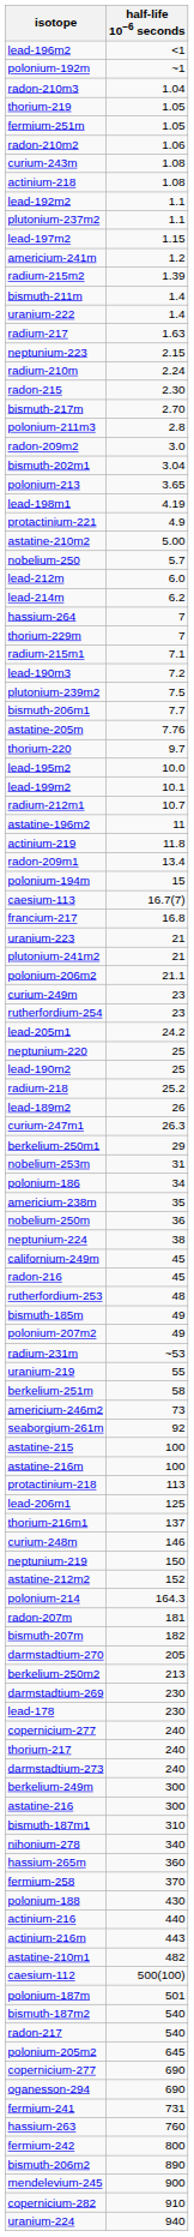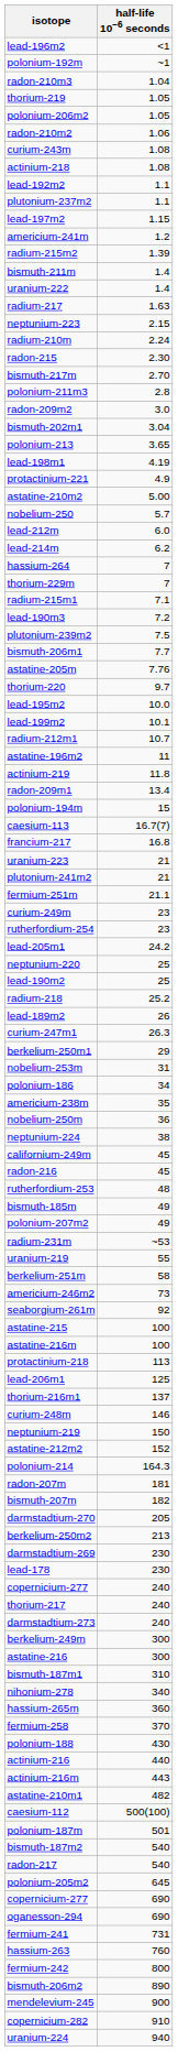 <table class="wikitable sortable">
 <tr>
 <th>isotope</th>
 <th class=unsortable>half-life<br>10<sup>−6</sup> seconds</th>
 </tr>
 <tr>
 <td><a href='#'>lead-196m2</a></td>
 <td align=right><1</td>
 </tr>
 <tr>
 <td><a href='#'>polonium-192m</a></td>
 <td align=right>~1</td>
 </tr>
 <tr>
 <td><a href='#'>radon-210m3</a></td>
 <td align=right>1.04</td>
 </tr>
 <tr>
 <td><a href='#'>thorium-219</a></td>
 <td align=right>1.05</td>
 </tr>
 <tr>
-<td><a href='#'>fermium-251m</a></td>
+<td><a href='#'>polonium-206m2</a></td>
 <td align=right>1.05</td>
 </tr>
 <tr>
 <td><a href='#'>radon-210m2</a></td>
 <td align=right>1.06</td>
 </tr>
 <tr>
 <td><a href='#'>curium-243m</a></td>
 <td align=right>1.08</td>
 </tr>
 <tr>
 <td><a href='#'>actinium-218</a></td>
 <td align=right>1.08</td>
 </tr>
 <tr>
 <td><a href='#'>lead-192m2</a></td>
 <td align=right>1.1</td>
 </tr>
 <tr>
 <td><a href='#'>plutonium-237m2</a></td>
 <td align=right>1.1</td>
 </tr>
 <tr>
 <td><a href='#'>lead-197m2</a></td>
 <td align=right>1.15</td>
 </tr>
 <tr>
 <td><a href='#'>americium-241m</a></td>
 <td align=right>1.2</td>
 </tr>
 <tr>
 <td><a href='#'>radium-215m2</a></td>
 <td align=right>1.39</td>
 </tr>
 <tr>
 <td><a href='#'>bismuth-211m</a></td>
 <td align=right>1.4</td>
 </tr>
 <tr>
 <td><a href='#'>uranium-222</a></td>
 <td align=right>1.4</td>
 </tr>
 <tr>
 <td><a href='#'>radium-217</a></td>
 <td align=right>1.63</td>
 </tr>
 <tr>
 <td><a href='#'>neptunium-223</a></td>
 <td align=right>2.15</td>
 </tr>
 <tr>
 <td><a href='#'>radium-210m</a></td>
 <td align=right>2.24</td>
 </tr>
 <tr>
 <td><a href='#'>radon-215</a></td>
 <td align=right>2.30</td>
 </tr>
 <tr>
 <td><a href='#'>bismuth-217m</a></td>
 <td align=right>2.70</td>
 </tr>
 <tr>
 <td><a href='#'>polonium-211m3</a></td>
 <td align=right>2.8</td>
 </tr>
 <tr>
 <td><a href='#'>radon-209m2</a></td>
 <td align=right>3.0</td>
 </tr>
 <tr>
 <td><a href='#'>bismuth-202m1</a></td>
 <td align=right>3.04</td>
 </tr>
 <tr>
 <td><a href='#'>polonium-213</a></td>
 <td align=right>3.65</td>
 </tr>
 <tr>
 <td><a href='#'>lead-198m1</a></td>
 <td align=right>4.19</td>
 </tr>
 <tr>
 <td><a href='#'>protactinium-221</a></td>
 <td align=right>4.9</td>
 </tr>
 <tr>
 <td><a href='#'>astatine-210m2</a></td>
 <td align=right>5.00</td>
 </tr>
 <tr>
 <td><a href='#'>nobelium-250</a></td>
 <td align=right>5.7</td>
 </tr>
 <tr>
 <td><a href='#'>lead-212m</a></td>
 <td align=right>6.0</td>
 </tr>
 <tr>
 <td><a href='#'>lead-214m</a></td>
 <td align=right>6.2</td>
 </tr>
 <tr>
 <td><a href='#'>hassium-264</a></td>
 <td align=right>7</td>
 </tr>
 <tr>
 <td><a href='#'>thorium-229m</a></td>
 <td align=right>7</td>
 </tr>
 <tr>
 <td><a href='#'>radium-215m1</a></td>
 <td align=right>7.1</td>
 </tr>
 <tr>
 <td><a href='#'>lead-190m3</a></td>
 <td align=right>7.2</td>
 </tr>
 <tr>
 <td><a href='#'>plutonium-239m2</a></td>
 <td align=right>7.5</td>
 </tr>
 <tr>
 <td><a href='#'>bismuth-206m1</a></td>
 <td align=right>7.7</td>
 </tr>
 <tr>
 <td><a href='#'>astatine-205m</a></td>
 <td align=right>7.76</td>
 </tr>
 <tr>
 <td><a href='#'>thorium-220</a></td>
 <td align=right>9.7</td>
 </tr>
 <tr>
 <td><a href='#'>lead-195m2</a></td>
 <td align=right>10.0</td>
 </tr>
 <tr>
 <td><a href='#'>lead-199m2</a></td>
 <td align=right>10.1</td>
 </tr>
 <tr>
 <td><a href='#'>radium-212m1</a></td>
 <td align=right>10.7</td>
 </tr>
 <tr>
 <td><a href='#'>astatine-196m2</a></td>
 <td align=right>11</td>
 </tr>
 <tr>
 <td><a href='#'>actinium-219</a></td>
 <td align=right>11.8</td>
 </tr>
 <tr>
 <td><a href='#'>radon-209m1</a></td>
 <td align=right>13.4</td>
 </tr>
 <tr>
 <td><a href='#'>polonium-194m</a></td>
 <td align=right>15</td>
 </tr>
 <tr>
 <td><a href='#'>caesium-113</a></td>
 <td align=right>16.7(7)</td>
 </tr>
 <tr>
 <td><a href='#'>francium-217</a></td>
 <td align=right>16.8</td>
 </tr>
 <tr>
 <td><a href='#'>uranium-223</a></td>
 <td align=right>21</td>
 </tr>
 <tr>
 <td><a href='#'>plutonium-241m2</a></td>
 <td align=right>21</td>
 </tr>
 <tr>
-<td><a href='#'>polonium-206m2</a></td>
+<td><a href='#'>fermium-251m</a></td>
 <td align=right>21.1</td>
 </tr>
 <tr>
 <td><a href='#'>curium-249m</a></td>
 <td align=right>23</td>
 </tr>
 <tr>
 <td><a href='#'>rutherfordium-254</a></td>
 <td align=right>23</td>
 </tr>
 <tr>
 <td><a href='#'>lead-205m1</a></td>
 <td align=right>24.2</td>
 </tr>
 <tr>
 <td><a href='#'>neptunium-220</a></td>
 <td align=right>25</td>
 </tr>
 <tr>
 <td><a href='#'>lead-190m2</a></td>
 <td align=right>25</td>
 </tr>
 <tr>
 <td><a href='#'>radium-218</a></td>
 <td align=right>25.2</td>
 </tr>
 <tr>
 <td><a href='#'>lead-189m2</a></td>
 <td align=right>26</td>
 </tr>
 <tr>
 <td><a href='#'>curium-247m1</a></td>
 <td align=right>26.3</td>
 </tr>
 <tr>
 <td><a href='#'>berkelium-250m1</a></td>
 <td align=right>29</td>
 </tr>
 <tr>
 <td><a href='#'>nobelium-253m</a></td>
 <td align=right>31</td>
 </tr>
 <tr>
 <td><a href='#'>polonium-186</a></td>
 <td align=right>34</td>
 </tr>
 <tr>
 <td><a href='#'>americium-238m</a></td>
 <td align=right>35</td>
 </tr>
 <tr>
 <td><a href='#'>nobelium-250m</a></td>
 <td align=right>36</td>
 </tr>
 <tr>
 <td><a href='#'>neptunium-224</a></td>
 <td align=right>38</td>
 </tr>
 <tr>
 <td><a href='#'>californium-249m</a></td>
 <td align=right>45</td>
 </tr>
 <tr>
 <td><a href='#'>radon-216</a></td>
 <td align=right>45</td>
 </tr>
 <tr>
 <td><a href='#'>rutherfordium-253</a></td>
 <td align=right>48</td>
 </tr>
 <tr>
 <td><a href='#'>bismuth-185m</a></td>
 <td align=right>49</td>
 </tr>
 <tr>
 <td><a href='#'>polonium-207m2</a></td>
 <td align=right>49</td>
 </tr>
 <tr>
 <td><a href='#'>radium-231m</a></td>
 <td align=right>~53</td>
 </tr>
 <tr>
 <td><a href='#'>uranium-219</a></td>
 <td align=right>55</td>
 </tr>
 <tr>
 <td><a href='#'>berkelium-251m</a></td>
 <td align=right>58</td>
 </tr>
 <tr>
 <td><a href='#'>americium-246m2</a></td>
 <td align=right>73</td>
 </tr>
 <tr>
 <td><a href='#'>seaborgium-261m</a></td>
 <td align=right>92</td>
 </tr>
 <tr>
 <td><a href='#'>astatine-215</a></td>
 <td align=right>100</td>
 </tr>
 <tr>
 <td><a href='#'>astatine-216m</a></td>
 <td align=right>100</td>
 </tr>
 <tr>
 <td><a href='#'>protactinium-218</a></td>
 <td align=right>113</td>
 </tr>
 <tr>
 <td><a href='#'>lead-206m1</a></td>
 <td align=right>125</td>
 </tr>
 <tr>
 <td><a href='#'>thorium-216m1</a></td>
 <td align=right>137</td>
 </tr>
 <tr>
 <td><a href='#'>curium-248m</a></td>
 <td align=right>146</td>
 </tr>
 <tr>
 <td><a href='#'>neptunium-219</a></td>
 <td align=right>150</td>
 </tr>
 <tr>
 <td><a href='#'>astatine-212m2</a></td>
 <td align=right>152</td>
 </tr>
 <tr>
 <td><a href='#'>polonium-214</a></td>
 <td align=right>164.3</td>
 </tr>
 <tr>
 <td><a href='#'>radon-207m</a></td>
 <td align=right>181</td>
 </tr>
 <tr>
 <td><a href='#'>bismuth-207m</a></td>
 <td align=right>182</td>
 </tr>
 <tr>
 <td><a href='#'>darmstadtium-270</a></td>
 <td align=right>205</td>
 </tr>
 <tr>
 <td><a href='#'>berkelium-250m2</a></td>
 <td align=right>213</td>
 </tr>
 <tr>
 <td><a href='#'>darmstadtium-269</a></td>
 <td align=right>230</td>
 </tr>
 <tr>
 <td><a href='#'>lead-178</a></td>
 <td align=right>230</td>
 </tr>
 <tr>
 <td><a href='#'>copernicium-277</a></td>
 <td align=right>240</td>
 </tr>
 <tr>
 <td><a href='#'>thorium-217</a></td>
 <td align=right>240</td>
 </tr>
 <tr>
 <td><a href='#'>darmstadtium-273</a></td>
 <td align=right>240</td>
 </tr>
 <tr>
 <td><a href='#'>berkelium-249m</a></td>
 <td align=right>300</td>
 </tr>
 <tr>
 <td><a href='#'>astatine-216</a></td>
 <td align=right>300</td>
 </tr>
 <tr>
 <td><a href='#'>bismuth-187m1</a></td>
 <td align=right>310</td>
 </tr>
 <tr>
 <td><a href='#'>nihonium-278</a></td>
 <td align=right>340</td>
 </tr>
 <tr>
 <td><a href='#'>hassium-265m</a></td>
 <td align=right>360</td>
 </tr>
 <tr>
 <td><a href='#'>fermium-258</a></td>
 <td align=right>370</td>
 </tr>
 <tr>
 <td><a href='#'>polonium-188</a></td>
 <td align=right>430</td>
 </tr>
 <tr>
 <td><a href='#'>actinium-216</a></td>
 <td align=right>440</td>
 </tr>
 <tr>
 <td><a href='#'>actinium-216m</a></td>
 <td align=right>443</td>
 </tr>
 <tr>
 <td><a href='#'>astatine-210m1</a></td>
 <td align=right>482</td>
 </tr>
 <tr>
 <td><a href='#'>caesium-112</a></td>
 <td align=right>500(100)</td>
 </tr>
 <tr>
 <td><a href='#'>polonium-187m</a></td>
 <td align=right>501</td>
 </tr>
 <tr>
 <td><a href='#'>bismuth-187m2</a></td>
 <td align=right>540</td>
 </tr>
 <tr>
 <td><a href='#'>radon-217</a></td>
 <td align=right>540</td>
 </tr>
 <tr>
 <td><a href='#'>polonium-205m2</a></td>
 <td align=right>645</td>
 </tr>
 <tr>
 <td><a href='#'>copernicium-277</a></td>
 <td align=right>690</td>
 </tr>
 <tr>
 <td><a href='#'>oganesson-294</a></td>
 <td align=right>690</td>
 </tr>
 <tr>
 <td><a href='#'>fermium-241</a></td>
 <td align=right>731</td>
 </tr>
 <tr>
 <td><a href='#'>hassium-263</a></td>
 <td align=right>760</td>
 </tr>
 <tr>
 <td><a href='#'>fermium-242</a></td>
 <td align=right>800</td>
 </tr>
 <tr>
 <td><a href='#'>bismuth-206m2</a></td>
 <td align=right>890</td>
 </tr>
 <tr>
 <td><a href='#'>mendelevium-245</a></td>
 <td align=right>900</td>
 </tr>
 <tr>
 <td><a href='#'>copernicium-282</a></td>
 <td align=right>910</td>
 </tr>
 <tr>
 <td><a href='#'>uranium-224</a></td>
 <td align=right>940</td>
 </tr>
 </table>
